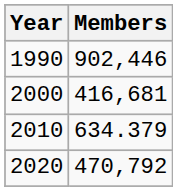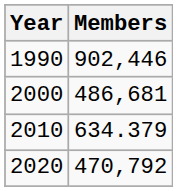 <table class="wikitable" style="margin:auto auto auto auto; front-size:95%; float:right;">
 <tr>
 <th><strong>Year</strong></th>
 <th>Members</th>
 </tr>
 <tr>
 <td>1990</td>
 <td>902,446</td>
 </tr>
 <tr>
 <td>2000</td>
-<td>416,681</td>
+<td>486,681</td>
 </tr>
 <tr>
 <td>2010</td>
 <td>634.379</td>
 </tr>
 <tr>
 <td>2020</td>
 <td>470,792</td>
 </tr>
 </table>
